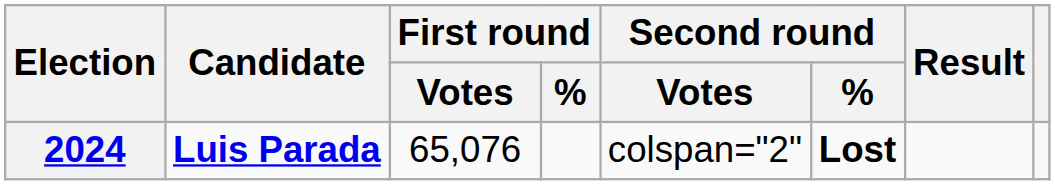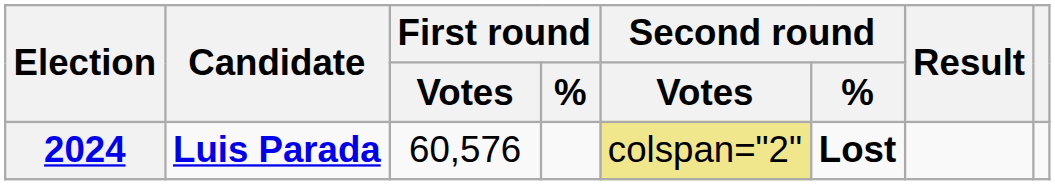 <table class="wikitable" style="text-align:center">
 <tr>
 <th rowspan="2"><strong>Election</strong></th>
 <th rowspan="2">Candidate</th>
 <th colspan="2" scope="col">First round</th>
 <th colspan="2">Second round</th>
 <th rowspan="2">Result</th>
 <th rowspan="2"></th>
 </tr>
 <tr>
 <th><strong>Votes</strong></th>
 <th><strong>%</strong></th>
 <th><strong>Votes</strong></th>
 <th><strong>%</strong></th>
 </tr>
 <tr>
 <th><a href='#'>2024</a></th>
 <td><strong><a href='#'>Luis Parada</a></strong></td>
-<td>65,076</td>
+<td>60,576</td>
 <td></td>
-<td>colspan="2" </td>
+<td style="background: khaki;">colspan="2" </td>
 <td><strong>Lost</strong> </td>
 <td></td>
 </tr>
 </table>
